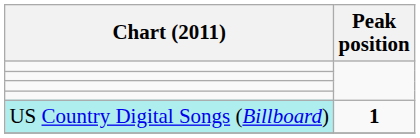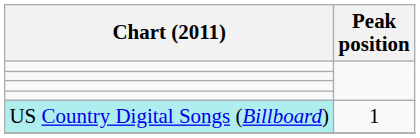 <table class="wikitable sortable">
 <tr>
 <th align="left">Chart (2011)</th>
 <th align="center">Peak<br>position</th>
 </tr>
 <tr>
 <td></td>
 </tr>
 <tr>
 <td></td>
 </tr>
 <tr>
 <td></td>
 </tr>
 <tr>
 <td></td>
 </tr>
 <tr>
 <td style="background: paleturquoise;">US <a href='#'>Country Digital Songs</a> (<em><a href='#'>Billboard</a></em>)</td>
-<td style="text-align:center;"><strong>1</strong></td>
+<td style="text-align:center;">1</td>
 </tr>
 <tr>
 </tr>
 </table>
